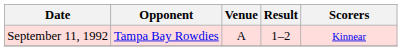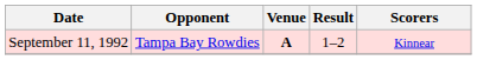 <table class="wikitable" style="font-size:95%; text-align:center">
 <tr>
 <th>Date</th>
 <th>Opponent</th>
 <th>Venue</th>
 <th>Result</th>
 <th>Scorers</th>
 </tr>
 <tr bgcolor="#ffdddd">
 <td>September 11, 1992</td>
 <td><a href='#'>Tampa Bay Rowdies</a></td>
-<td>A</td>
+<td><strong>A</strong></td>
 <td>1–2</td>
 <td>         <small><a href='#'>Kinnear</a></small>         </td>
 </tr>
 <tr>
 </tr>
 </table>
